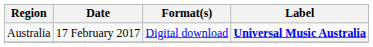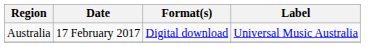 <table class="wikitable plainrowheaders">
 <tr>
 <th scope="col">Region</th>
 <th scope="col">Date</th>
 <th scope="col">Format(s)</th>
 <th scope="col">Label</th>
 </tr>
 <tr>
 <td>Australia</td>
 <td>17 February 2017</td>
 <td><a href='#'>Digital download</a></td>
-<td><strong><a href='#'>Universal Music Australia</a></strong></td>
+<td><a href='#'>Universal Music Australia</a></td>
 </tr>
 <tr>
 </tr>
 </table>
